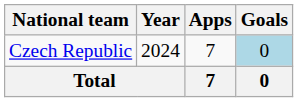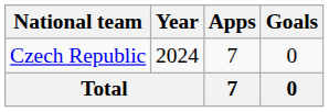 <table class="wikitable" style="text-align:center">
 <tr>
 <th>National team</th>
 <th>Year</th>
 <th>Apps</th>
 <th>Goals</th>
 </tr>
 <tr>
 <td rowspan="1"><a href='#'>Czech Republic</a></td>
 <td>2024</td>
 <td>7</td>
-<td style="background: lightblue;">0</td>
+<td>0</td>
 </tr>
 <tr>
 <th colspan="2">Total</th>
 <th>7</th>
 <th>0</th>
 </tr>
 </table>
